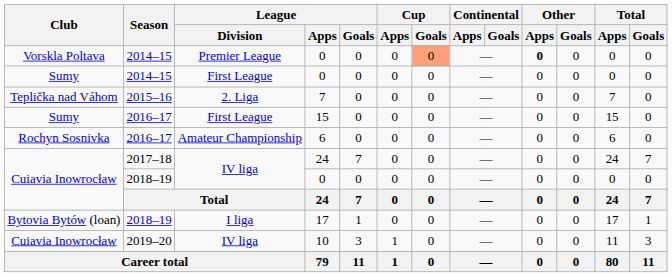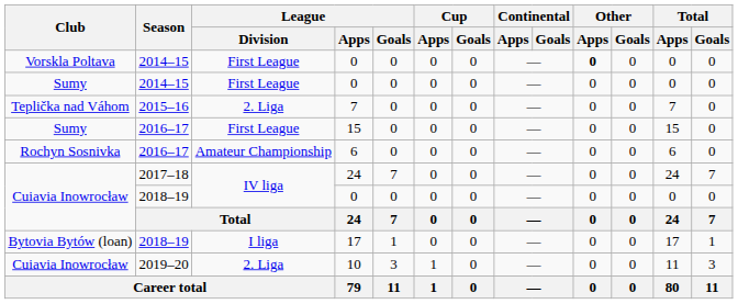 <table class="wikitable" style="text-align:center">
 <tr>
 <th rowspan="2">Club</th>
 <th rowspan="2">Season</th>
 <th colspan="3">League</th>
 <th colspan="2">Cup</th>
 <th colspan="2">Continental</th>
 <th colspan="2">Other</th>
 <th colspan="2">Total</th>
 </tr>
 <tr>
 <th>Division</th>
 <th>Apps</th>
 <th>Goals</th>
 <th>Apps</th>
 <th>Goals</th>
 <th>Apps</th>
 <th>Goals</th>
 <th>Apps</th>
 <th>Goals</th>
 <th>Apps</th>
 <th>Goals</th>
 </tr>
 <tr>
 <td rowspan="1"><a href='#'>Vorskla Poltava</a></td>
 <td><a href='#'>2014–15</a></td>
-<td rowspan="1"><a href='#'>Premier League</a></td>
+<td rowspan="1"><a href='#'>First League</a></td>
 <td>0</td>
 <td>0</td>
 <td>0</td>
-<td style="background: lightsalmon;">0</td>
+<td>0</td>
 <td colspan="2">—</td>
 <td><strong>0</strong></td>
 <td>0</td>
 <td>0</td>
 <td>0</td>
 </tr>
 <tr>
 <td rowspan="1"><a href='#'>Sumy</a></td>
 <td><a href='#'>2014–15</a></td>
 <td rowspan="1"><a href='#'>First League</a></td>
 <td>0</td>
 <td>0</td>
 <td>0</td>
 <td>0</td>
 <td colspan="2">—</td>
 <td>0</td>
 <td>0</td>
 <td>0</td>
 <td>0</td>
 </tr>
 <tr>
 <td rowspan="1"><a href='#'>Teplička nad Váhom</a></td>
 <td><a href='#'>2015–16</a></td>
 <td rowspan="1"><a href='#'>2. Liga</a></td>
 <td>7</td>
 <td>0</td>
 <td>0</td>
 <td>0</td>
 <td colspan="2">—</td>
 <td>0</td>
 <td>0</td>
 <td>7</td>
 <td>0</td>
 </tr>
 <tr>
 <td rowspan="1"><a href='#'>Sumy</a></td>
 <td><a href='#'>2016–17</a></td>
 <td rowspan="1"><a href='#'>First League</a></td>
 <td>15</td>
 <td>0</td>
 <td>0</td>
 <td>0</td>
 <td colspan="2">—</td>
 <td>0</td>
 <td>0</td>
 <td>15</td>
 <td>0</td>
 </tr>
 <tr>
 <td rowspan="1"><a href='#'>Rochyn Sosnivka</a></td>
 <td><a href='#'>2016–17</a></td>
 <td rowspan="1"><a href='#'>Amateur Championship</a></td>
 <td>6</td>
 <td>0</td>
 <td>0</td>
 <td>0</td>
 <td colspan="2">—</td>
 <td>0</td>
 <td>0</td>
 <td>6</td>
 <td>0</td>
 </tr>
 <tr>
 <td rowspan="3"><a href='#'>Cuiavia Inowrocław</a></td>
 <td>2017–18</td>
 <td rowspan="2"><a href='#'>IV liga</a></td>
 <td>24</td>
 <td>7</td>
 <td>0</td>
 <td>0</td>
 <td colspan="2">—</td>
 <td>0</td>
 <td>0</td>
 <td>24</td>
 <td>7</td>
 </tr>
 <tr>
 <td>2018–19</td>
 <td>0</td>
 <td>0</td>
 <td>0</td>
 <td>0</td>
 <td colspan="2">—</td>
 <td>0</td>
 <td>0</td>
 <td>0</td>
 <td>0</td>
 </tr>
 <tr>
 <th colspan="2">Total</th>
 <th>24</th>
 <th>7</th>
 <th>0</th>
 <th>0</th>
 <th colspan="2">—</th>
 <th>0</th>
 <th>0</th>
 <th>24</th>
 <th>7</th>
 </tr>
 <tr>
 <td rowspan="1"><a href='#'>Bytovia Bytów</a> (loan)</td>
 <td><a href='#'>2018–19</a></td>
 <td rowspan="1"><a href='#'>I liga</a></td>
 <td>17</td>
 <td>1</td>
 <td>0</td>
 <td>0</td>
 <td colspan="2">—</td>
 <td>0</td>
 <td>0</td>
 <td>17</td>
 <td>1</td>
 </tr>
 <tr>
 <td rowspan="1"><a href='#'>Cuiavia Inowrocław</a></td>
 <td>2019–20</td>
-<td rowspan="1"><a href='#'>IV liga</a></td>
+<td rowspan="1"><a href='#'>2. Liga</a></td>
 <td>10</td>
 <td>3</td>
 <td>1</td>
 <td>0</td>
 <td colspan="2">—</td>
 <td>0</td>
 <td>0</td>
 <td>11</td>
 <td>3</td>
 </tr>
 <tr>
 <th colspan="3">Career total</th>
 <th>79</th>
 <th>11</th>
 <th>1</th>
 <th>0</th>
 <th colspan="2">—</th>
 <th>0</th>
 <th>0</th>
 <th>80</th>
 <th>11</th>
 </tr>
 </table>
